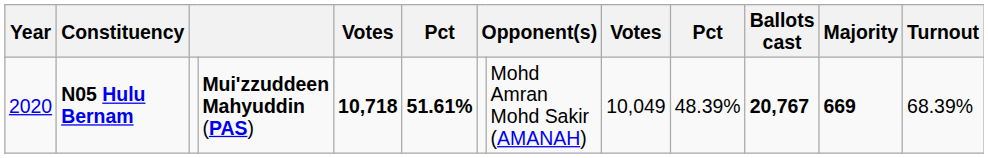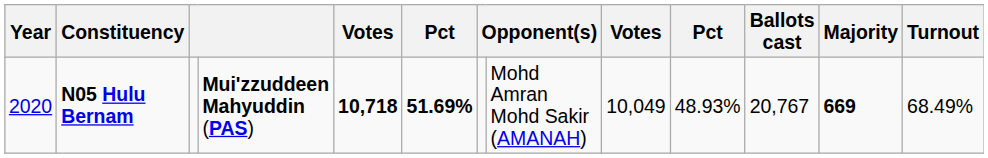 <table class="wikitable" style="margin:0.5em ; font-size:95%">
 <tr>
 <th>Year</th>
 <th>Constituency</th>
 <th colspan="2"></th>
 <th>Votes</th>
 <th>Pct</th>
 <th colspan="2">Opponent(s)</th>
 <th>Votes</th>
 <th>Pct</th>
 <th>Ballots cast</th>
 <th>Majority</th>
 <th>Turnout</th>
 </tr>
 <tr>
 <td><a href='#'>2020</a></td>
 <td><strong>N05 <a href='#'>Hulu Bernam</a></strong></td>
 <td></td>
 <td><strong>Mui'zzuddeen Mahyuddin</strong> (<a href='#'><strong>PAS</strong></a>)</td>
 <td><strong>10,718</strong></td>
-<td><strong>51.61%</strong></td>
+<td><strong>51.69%</strong></td>
 <td></td>
 <td>Mohd Amran Mohd Sakir (<a href='#'>AMANAH</a>)</td>
 <td>10,049</td>
-<td>48.39%</td>
-<td><strong>20,767</strong></td>
+<td>48.93%</td>
+<td>20,767</td>
 <td><strong>669</strong></td>
-<td>68.39%</td>
+<td>68.49%</td>
 </tr>
 </table>
